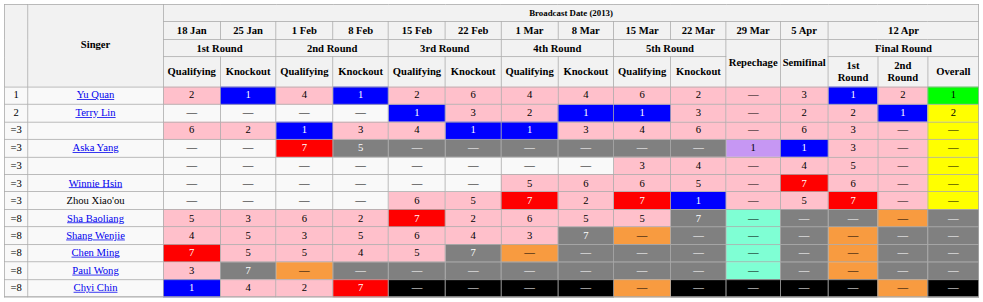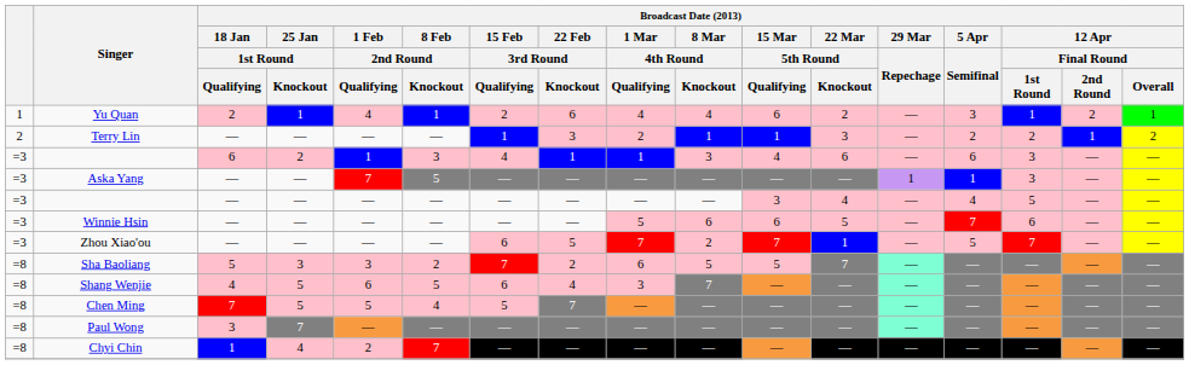 <table class="wikitable" style="text-align:center; font-size:85%">
 <tr>
 <th rowspan="4" width="30"></th>
 <th rowspan="4" width="250" class="unsortable">Singer</th>
 <th colspan="15"><small>Broadcast Date (2013)</small></th>
 </tr>
 <tr>
 <th width="30">18 Jan</th>
 <th width="30">25 Jan</th>
 <th width="30">1 Feb</th>
 <th width="30">8 Feb</th>
 <th width="30">15 Feb</th>
 <th width="30">22 Feb</th>
 <th width="30">1 Mar</th>
 <th width="30">8 Mar</th>
 <th width="30">15 Mar</th>
 <th width="30">22 Mar</th>
 <th width="30">29 Mar</th>
 <th width="30">5 Apr</th>
 <th colspan="4" width="30">12 Apr</th>
 </tr>
 <tr>
 <th colspan="2">1st Round</th>
 <th colspan="2">2nd Round</th>
 <th colspan="2">3rd Round</th>
 <th colspan="2">4th Round</th>
 <th colspan="2">5th Round</th>
 <th rowspan="2">Repechage</th>
 <th rowspan="2">Semifinal</th>
 <th colspan="3">Final Round</th>
 </tr>
 <tr>
 <th width="70" data-sort-type="text">Qualifying</th>
 <th width="70" data-sort-type="text">Knockout</th>
 <th width="70" data-sort-type="text">Qualifying</th>
 <th width="70" data-sort-type="text">Knockout</th>
 <th width="70" data-sort-type="text">Qualifying</th>
 <th width="70" data-sort-type="text">Knockout</th>
 <th width="70" data-sort-type="text">Qualifying</th>
 <th width="70" data-sort-type="text">Knockout</th>
 <th width="70" data-sort-type="text">Qualifying</th>
 <th width="70" data-sort-type="text">Knockout</th>
 <th width="70" data-sort-type="text">1st Round</th>
 <th width="70">2nd Round</th>
 <th width="70">Overall</th>
 </tr>
 <tr>
 <td>1</td>
 <td><a href='#'>Yu Quan</a></td>
 <td style="background: pink;">2</td>
 <td style="background: blue; color: white">1</td>
 <td style="background: pink;">4</td>
 <td style="background: blue; color: white">1</td>
 <td style="background: pink;">2</td>
 <td style="background: pink;">6</td>
 <td style="background: pink;">4</td>
 <td style="background: pink;">4</td>
 <td style="background: pink;">6</td>
 <td style="background: pink;">2</td>
 <td style="background: pink;">—</td>
 <td style="background: pink;">3</td>
 <td style="background: blue; color: white">1</td>
 <td style="background: pink;">2</td>
 <td style="background: lime;">1 </td>
 </tr>
 <tr>
 <td>2</td>
 <td><a href='#'>Terry Lin</a></td>
 <td>—</td>
 <td>—</td>
 <td>—</td>
 <td>—</td>
 <td style="background: blue; color: white">1</td>
 <td style="background: pink;">3</td>
 <td style="background: pink;">2</td>
 <td style="background: blue; color: white">1</td>
 <td style="background: blue; color: white">1</td>
 <td style="background: pink;">3</td>
 <td style="background: pink;">—</td>
 <td style="background: pink;">2</td>
 <td style="background: pink;">2</td>
 <td style="background: blue; color: white">1</td>
 <td style="background: yellow;">2 </td>
 </tr>
 <tr>
 <td>=3</td>
 <td></td>
 <td style="background: pink;">6</td>
 <td style="background: pink;">2</td>
 <td style="background: blue; color: white">1</td>
 <td style="background: pink;">3</td>
 <td style="background: pink;">4</td>
 <td style="background: blue; color: white">1</td>
 <td style="background: blue; color: white">1</td>
 <td style="background: pink;">3</td>
 <td style="background: pink;">4</td>
 <td style="background: pink;">6</td>
 <td style="background: pink;">—</td>
 <td style="background: pink;">6</td>
 <td style="background: pink;">3</td>
 <td style="background: pink;">—</td>
 <td style="background: yellow;">—</td>
 </tr>
 <tr>
 <td>=3</td>
 <td><a href='#'>Aska Yang</a></td>
 <td>—</td>
 <td>—</td>
 <td style="background: red; color: white">7</td>
 <td style="background: grey; color: white">5</td>
 <td style="background: grey; color: white">—</td>
 <td style="background: grey; color: white">—</td>
 <td style="background: grey; color: white">—</td>
 <td style="background: grey; color: white">—</td>
 <td style="background: grey; color: white">—</td>
 <td style="background: grey; color: white">—</td>
 <td style="background:#C697F3; ">1</td>
 <td style="background: blue; color: white">1</td>
 <td style="background: pink;">3</td>
 <td style="background: pink;">—</td>
 <td style="background: yellow;">—</td>
 </tr>
 <tr>
 <td>=3</td>
 <td></td>
 <td>—</td>
 <td>—</td>
 <td>—</td>
 <td>—</td>
 <td>—</td>
 <td>—</td>
 <td>—</td>
 <td>—</td>
 <td style="background: pink;">3</td>
 <td style="background: pink;">4</td>
 <td style="background: pink;">—</td>
 <td style="background: pink;">4</td>
 <td style="background: pink;">5</td>
 <td style="background: pink;">—</td>
 <td style="background: yellow;">—</td>
 </tr>
 <tr>
 <td>=3</td>
 <td><a href='#'>Winnie Hsin</a></td>
 <td>—</td>
 <td>—</td>
 <td>—</td>
 <td>—</td>
 <td>—</td>
 <td>—</td>
 <td style="background: pink;">5</td>
 <td style="background: pink;">6</td>
 <td style="background: pink;">6</td>
 <td style="background: pink;">5</td>
 <td style="background: pink;">—</td>
 <td style="background: red; color: white">7</td>
 <td style="background: pink;">6</td>
 <td style="background: pink;">—</td>
 <td style="background: yellow;">—</td>
 </tr>
 <tr>
 <td>=3</td>
 <td>Zhou Xiao'ou</td>
 <td>—</td>
 <td>—</td>
 <td>—</td>
 <td>—</td>
 <td style="background: pink;">6</td>
 <td style="background: pink;">5</td>
 <td style="background: red; color: white">7</td>
 <td style="background: pink;">2</td>
 <td style="background: red; color: white">7</td>
 <td style="background: blue; color: white">1</td>
 <td style="background: pink;">—</td>
 <td style="background: pink;">5</td>
 <td style="background: red; color: white">7</td>
 <td style="background: pink;">—</td>
 <td style="background: yellow;">—</td>
 </tr>
 <tr>
 <td>=8</td>
 <td><a href='#'>Sha Baoliang</a></td>
 <td style="background: pink;">5</td>
 <td style="background: pink;">3</td>
-<td style="background: pink;">6</td>
+<td style="background: pink;">3</td>
 <td style="background: pink;">2</td>
 <td style="background: red; color: white">7</td>
 <td style="background: pink;">2</td>
 <td style="background: pink;">6</td>
 <td style="background: pink;">5</td>
 <td style="background: pink;">5</td>
 <td style="background: grey; color: white">7</td>
 <td style="background:#7FFFD4;">—</td>
 <td style="background: grey; color: white">—</td>
 <td style="background: grey; color: white">—</td>
 <td style="background: #F89B40;">—</td>
 <td style="background: grey; color: white">—</td>
 </tr>
 <tr>
 <td>=8</td>
 <td><a href='#'>Shang Wenjie</a></td>
 <td style="background: pink;">4</td>
 <td style="background: pink;">5</td>
-<td style="background: pink;">3</td>
+<td style="background: pink;">6</td>
 <td style="background: pink;">5</td>
 <td style="background: pink;">6</td>
 <td style="background: pink;">4</td>
 <td style="background: pink;">3</td>
 <td style="background: grey; color: white">7</td>
 <td style="background:#F89B40;">—</td>
 <td style="background: grey; color: white">—</td>
 <td style="background:#7FFFD4;">—</td>
 <td style="background: grey; color: white">—</td>
 <td style="background:#F89B40;">—</td>
 <td style="background: grey; color: white">—</td>
 <td style="background: grey; color: white">—</td>
 </tr>
 <tr>
 <td>=8</td>
 <td><a href='#'>Chen Ming</a></td>
 <td style="background: red; color: white">7</td>
 <td style="background: pink;">5</td>
 <td style="background: pink;">5</td>
 <td style="background: pink;">4</td>
 <td style="background: pink;">5</td>
 <td style="background: grey; color: white">7</td>
 <td style="background:#F89B40;">—</td>
 <td style="background: grey; color: white">—</td>
 <td style="background: grey; color: white">—</td>
 <td style="background: grey; color: white">—</td>
 <td style="background:#7FFFD4;">—</td>
 <td style="background: grey; color: white">—</td>
 <td style="background:#F89B40;">—</td>
 <td style="background: grey; color: white">—</td>
 <td style="background: grey; color: white">—</td>
 </tr>
 <tr>
 <td>=8</td>
 <td><a href='#'>Paul Wong</a></td>
 <td style="background: pink;">3</td>
 <td style="background: grey; color: white">7</td>
 <td style="background:#F89B40;">—</td>
 <td style="background: grey; color: white">—</td>
 <td style="background: grey; color: white">—</td>
 <td style="background: grey; color: white">—</td>
 <td style="background: grey; color: white">—</td>
 <td style="background: grey; color: white">—</td>
 <td style="background: grey; color: white">—</td>
 <td style="background: grey; color: white">—</td>
 <td style="background:#7FFFD4;">—</td>
 <td style="background: grey; color: white">—</td>
 <td style="background:#F89B40;">—</td>
 <td style="background: grey; color: white">—</td>
 <td style="background: grey; color: white">—</td>
 </tr>
 <tr>
 <td>=8</td>
 <td><a href='#'>Chyi Chin</a></td>
 <td style="background: blue; color: white">1</td>
 <td style="background: pink;">4</td>
 <td style="background: pink;">2</td>
 <td style="background: red; color: white">7</td>
 <td style="background: black; color: white">—</td>
 <td style="background: black; color: white">—</td>
 <td style="background: black; color: white">—</td>
 <td style="background: black; color: white">—</td>
 <td style="background: #F89B40;">—</td>
 <td style="background: black; color: white">—</td>
 <td style="background: black; color: white">—</td>
 <td style="background: black; color: white">—</td>
 <td style="background: black; color: white">—</td>
 <td style="background: #F89B40;">—</td>
 <td style="background: black; color: white">—</td>
 </tr>
 <tr>
 </tr>
 </table>
